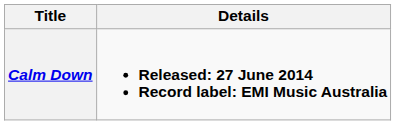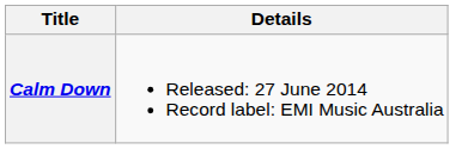 <table class="wikitable plainrowheaders">
 <tr>
 <th scope="col">Title</th>
 <th scope="col">Details</th>
 </tr>
 <tr>
 <th scope="row"><em><a href='#'>Calm Down</a></em></th>
-<td><strong><br><ul><li>Released: 27 June 2014</li><li>Record label: EMI Music Australia</li></ul></strong></td>
+<td><br><ul><li>Released: 27 June 2014</li><li>Record label: EMI Music Australia</li></ul></td>
 </tr>
 </table>
